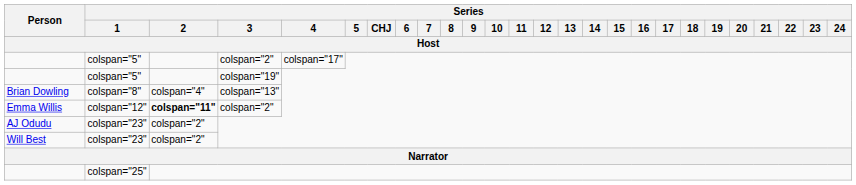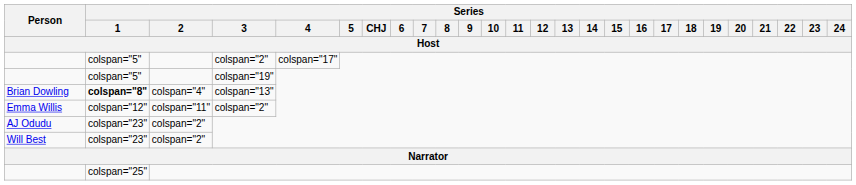 <table class="wikitable" style="width:85%">
 <tr>
 <th rowspan="2" style="width:135px">Person</th>
 <th colspan="25">Series</th>
 </tr>
 <tr>
 <th style="width:40px">1</th>
 <th style="width:40px">2</th>
 <th style="width:40px">3</th>
 <th style="width:40px">4</th>
 <th style="width:40px">5</th>
 <th style="width:40px">CHJ</th>
 <th style="width:40px">6</th>
 <th style="width:40px">7</th>
 <th style="width:40px">8</th>
 <th style="width:40px">9</th>
 <th style="width:40px">10</th>
 <th style="width:40px">11</th>
 <th style="width:40px">12</th>
 <th style="width:40px">13</th>
 <th style="width:40px">14</th>
 <th style="width:40px">15</th>
 <th style="width:40px">16</th>
 <th style="width:40px">17</th>
 <th style="width:40px">18</th>
 <th style="width:40px">19</th>
 <th style="width:40px">20</th>
 <th style="width:40px">21</th>
 <th style="width:40px">22</th>
 <th style="width:40px">23</th>
 <th style="width:40px">24</th>
 </tr>
 <tr>
 <th colspan="27">Host</th>
 </tr>
 <tr>
 <td></td>
 <td>colspan="5" </td>
 <td></td>
 <td>colspan="2" </td>
 <td>colspan="17" </td>
 </tr>
 <tr>
 <td></td>
 <td>colspan="5" </td>
 <td></td>
 <td>colspan="19" </td>
 </tr>
 <tr>
 <td nowrap><a href='#'>Brian Dowling</a></td>
-<td>colspan="8" </td>
+<td><strong>colspan="8" </strong></td>
 <td>colspan="4" </td>
 <td>colspan="13" </td>
 </tr>
 <tr>
 <td><a href='#'>Emma Willis</a></td>
 <td>colspan="12" </td>
-<td><strong>colspan="11" </strong></td>
+<td>colspan="11" </td>
 <td>colspan="2" </td>
 </tr>
 <tr>
 <td><a href='#'>AJ Odudu</a></td>
 <td>colspan="23" </td>
 <td>colspan="2" </td>
 </tr>
 <tr>
 <td><a href='#'>Will Best</a></td>
 <td>colspan="23" </td>
 <td>colspan="2" </td>
 </tr>
 <tr>
 <th colspan="26">Narrator</th>
 </tr>
 <tr>
 <td></td>
 <td>colspan="25" </td>
 </tr>
 </table>
